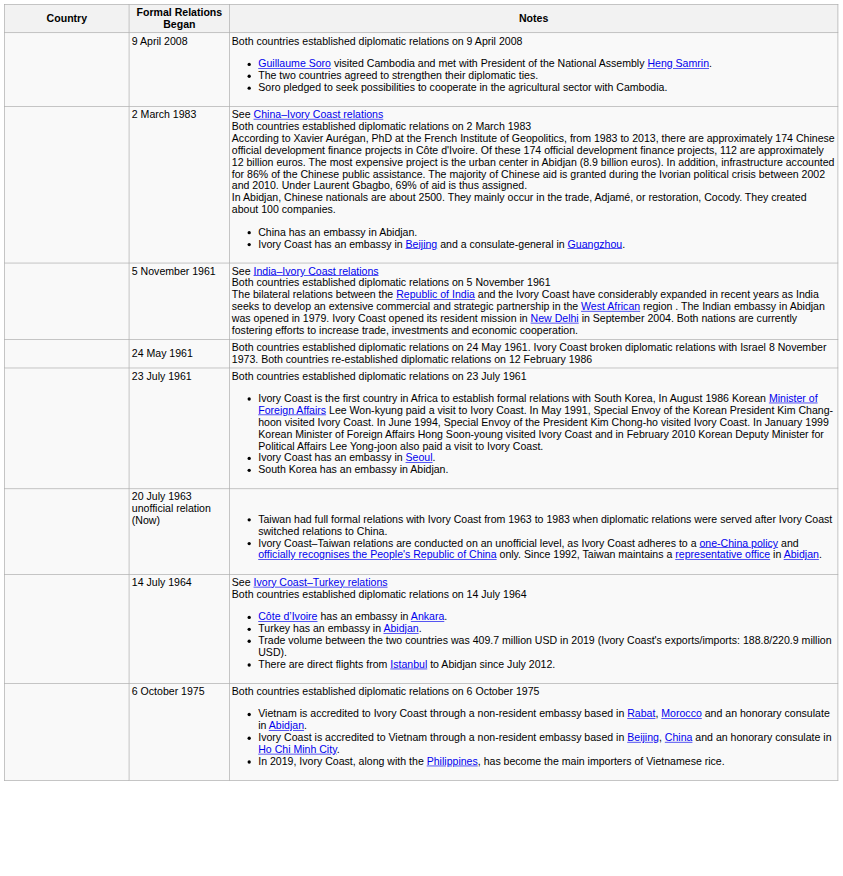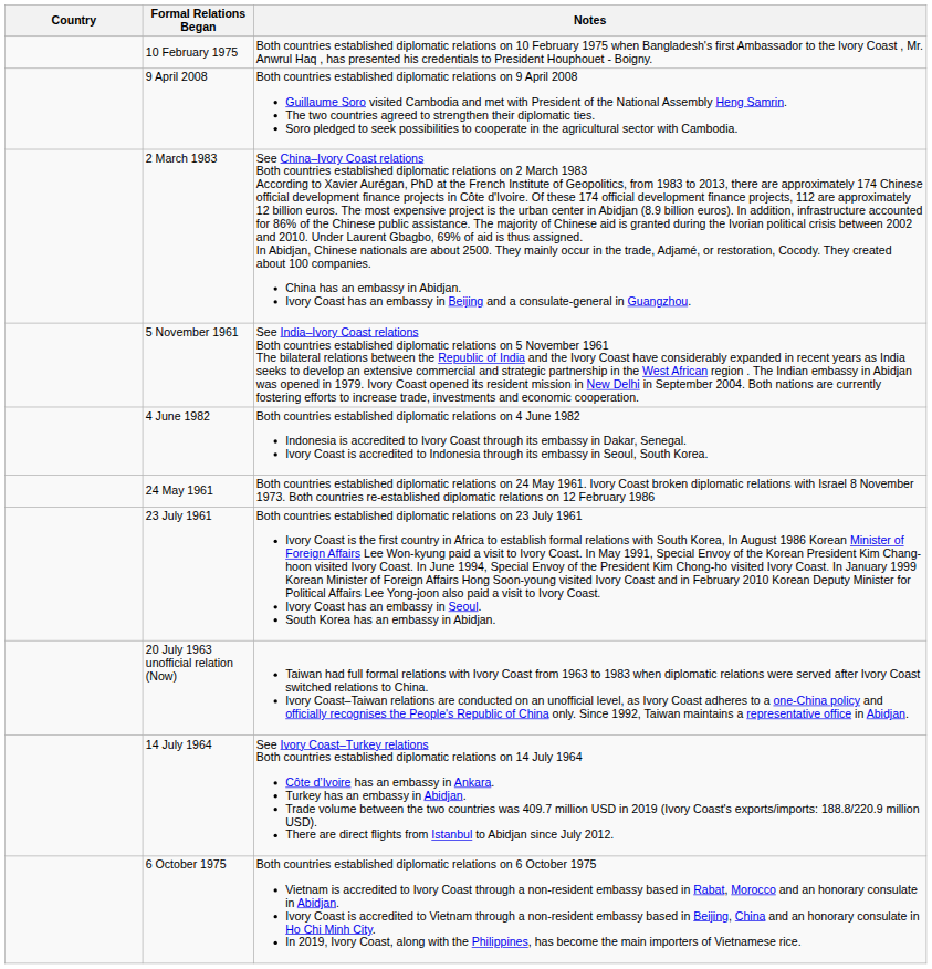 <table class="wikitable sortable" style="width:100%; margin:auto;">
 <tr>
 <th style="width:15%;">Country</th>
 <th style="width:12%;">Formal Relations Began</th>
 <th>Notes</th>
+</tr>
+<tr>
+<td></td>
+<td>10 February 1975</td>
+<td>Both countries established diplomatic relations on 10 February 1975 when Bangladesh's first Ambassador to the Ivory Coast , Mr. Anwrul Haq , has presented his credentials to President Houphouet - Boigny.</td>
 </tr>
 <tr valign="top">
 <td></td>
 <td>9 April 2008</td>
 <td>Both countries established diplomatic relations on 9 April 2008<br><ul><li><a href='#'>Guillaume Soro</a> visited Cambodia and met with President of the National Assembly <a href='#'>Heng Samrin</a>.</li><li>The two countries agreed to strengthen their diplomatic ties.</li><li>Soro pledged to seek possibilities to cooperate in the agricultural sector with Cambodia.</li></ul></td>
 </tr>
 <tr valign="top">
 <td></td>
 <td>2 March 1983</td>
 <td>See <a href='#'>China–Ivory Coast relations</a><br>Both countries established diplomatic relations on 2 March 1983<br>According to Xavier Aurégan, PhD at the French Institute of Geopolitics, from 1983 to 2013, there are approximately 174 Chinese official development finance projects in Côte d'Ivoire. Of these 174 official development finance projects, 112 are approximately 12 billion euros. The most expensive project is the urban center in Abidjan (8.9 billion euros). In addition, infrastructure accounted for 86% of the Chinese public assistance. The majority of Chinese aid is granted during the Ivorian political crisis between 2002 and 2010. Under Laurent Gbagbo, 69% of aid is thus assigned.<br>In Abidjan, Chinese nationals are about 2500. They mainly occur in the trade, Adjamé, or restoration, Cocody. They created about 100 companies.<ul><li>China has an embassy in Abidjan.</li><li>Ivory Coast has an embassy in <a href='#'>Beijing</a> and a consulate-general in <a href='#'>Guangzhou</a>.</li></ul></td>
 </tr>
 <tr valign="top">
 <td></td>
 <td>5 November 1961</td>
 <td>See <a href='#'>India–Ivory Coast relations</a><br>Both countries established diplomatic relations on 5 November 1961<br>The bilateral relations between the <a href='#'>Republic of India</a> and the Ivory Coast have considerably expanded in recent years as India seeks to develop an extensive commercial and strategic partnership in the <a href='#'>West African</a> region . The Indian embassy in Abidjan was opened in 1979. Ivory Coast opened its resident mission in <a href='#'>New Delhi</a> in September 2004. Both nations are currently fostering efforts to increase trade, investments and economic cooperation.</td>
+</tr>
+<tr valign="top">
+<td></td>
+<td>4 June 1982</td>
+<td>Both countries established diplomatic relations on 4 June 1982<br><ul><li>Indonesia is accredited to Ivory Coast through its embassy in Dakar, Senegal.</li><li>Ivory Coast is accredited to Indonesia through its embassy in Seoul, South Korea.</li></ul></td>
 </tr>
 <tr>
 <td></td>
 <td>24 May 1961</td>
 <td>Both countries established diplomatic relations on 24 May 1961. Ivory Coast broken diplomatic relations with Israel 8 November 1973. Both countries re-established diplomatic relations on 12 February 1986</td>
 </tr>
 <tr valign="top">
 <td></td>
 <td>23 July 1961</td>
 <td>Both countries established diplomatic relations on 23 July 1961<br><ul><li>Ivory Coast is the first country in Africa to establish formal relations with South Korea, In August 1986 Korean <a href='#'>Minister of Foreign Affairs</a> Lee Won-kyung paid a visit to Ivory Coast. In May 1991, Special Envoy of the Korean President Kim Chang-hoon visited Ivory Coast. In June 1994, Special Envoy of the President Kim Chong-ho visited Ivory Coast. In January 1999 Korean Minister of Foreign Affairs Hong Soon-young visited Ivory Coast and in February 2010 Korean Deputy Minister for Political Affairs Lee Yong-joon also paid a visit to Ivory Coast.</li><li>Ivory Coast has an embassy in <a href='#'>Seoul</a>.</li><li>South Korea has an embassy in Abidjan.</li></ul></td>
 </tr>
 <tr valign="top">
 <td></td>
 <td>20 July 1963 <br>unofficial relation (Now)</td>
 <td><br><ul><li>Taiwan had full formal relations with Ivory Coast from 1963 to 1983 when diplomatic relations were served after Ivory Coast switched relations to China.</li><li>Ivory Coast–Taiwan relations are conducted on an unofficial level, as Ivory Coast adheres to a <a href='#'>one-China policy</a> and <a href='#'>officially recognises the People's Republic of China</a> only. Since 1992, Taiwan maintains a <a href='#'>representative office</a> in <a href='#'>Abidjan</a>.</li></ul></td>
 </tr>
 <tr valign="top">
 <td></td>
 <td>14 July 1964</td>
 <td>See <a href='#'>Ivory Coast–Turkey relations</a><br>Both countries established diplomatic relations on 14 July 1964<ul><li><a href='#'>Côte d’Ivoire</a> has an embassy in <a href='#'>Ankara</a>.</li><li>Turkey has an embassy in <a href='#'>Abidjan</a>.</li><li>Trade volume between the two countries was 409.7 million USD in 2019 (Ivory Coast's exports/imports: 188.8/220.9 million USD).</li><li>There are direct flights from <a href='#'>Istanbul</a> to Abidjan since July 2012.</li></ul></td>
 </tr>
 <tr valign="top">
 <td></td>
 <td>6 October 1975</td>
 <td>Both countries established diplomatic relations on 6 October 1975<br><ul><li>Vietnam is accredited to Ivory Coast through a non-resident embassy based in <a href='#'>Rabat</a>, <a href='#'>Morocco</a> and an honorary consulate in <a href='#'>Abidjan</a>.</li><li>Ivory Coast is accredited to Vietnam through a non-resident embassy based in <a href='#'>Beijing</a>, <a href='#'>China</a> and an honorary consulate in <a href='#'>Ho Chi Minh City</a>.</li><li>In 2019, Ivory Coast, along with the <a href='#'>Philippines</a>, has become the main importers of Vietnamese rice.</li></ul></td>
 </tr>
 </table>
